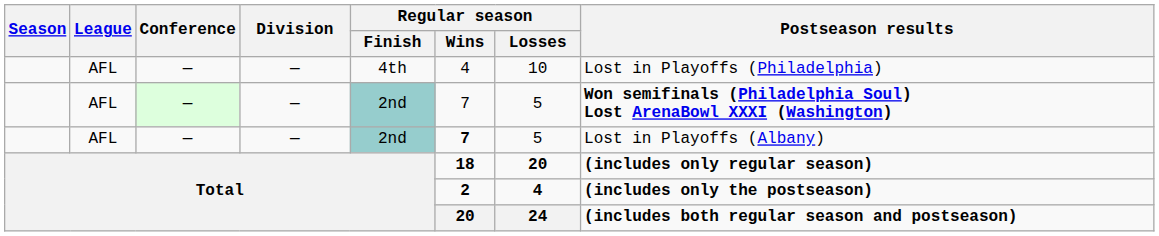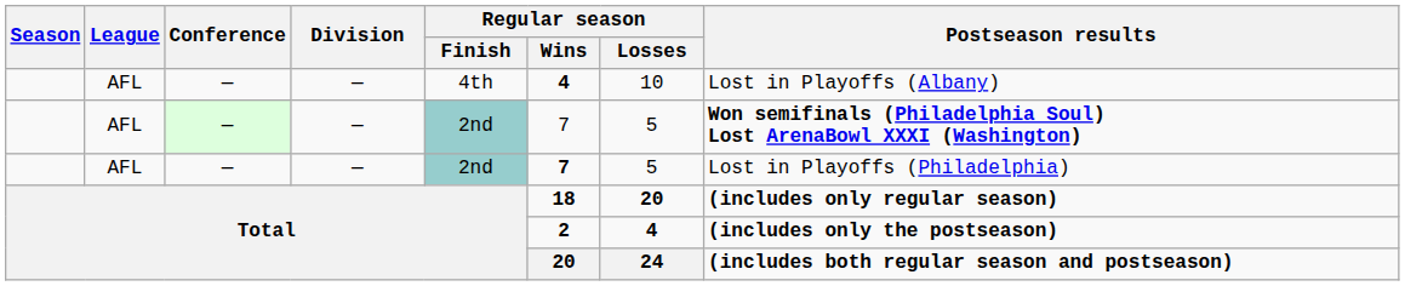 <table class="wikitable" style="font-size: 95%; width:70%;">
 <tr>
 <th rowspan="2" style="width:5%;"><a href='#'>Season</a></th>
 <th rowspan="2" style="width:5%;"><a href='#'>League</a></th>
 <th rowspan="2" style="width:5%;">Conference</th>
 <th rowspan="2">Division</th>
 <th colspan="3">Regular season</th>
 <th rowspan="2">Postseason results</th>
 </tr>
 <tr>
 <th>Finish</th>
 <th>Wins</th>
 <th>Losses</th>
 </tr>
 <tr>
 <td align="center"></td>
 <td align="center">AFL</td>
 <td align="center">—</td>
 <td align="center">—</td>
 <td align="center">4th</td>
-<td align="center">4</td>
+<td align="center"><strong>4</strong></td>
 <td align="center">10</td>
-<td>Lost in Playoffs (<a href='#'>Philadelphia</a>)</td>
+<td>Lost in Playoffs (<a href='#'>Albany</a>)</td>
 </tr>
 <tr>
 <td align="center"></td>
 <td align="center">AFL</td>
 <td align="center" bgcolor="#DDFFDD">—</td>
 <td align="center">—</td>
 <td align="center" bgcolor="#96CDCD">2nd</td>
 <td align="center">7</td>
 <td align="center">5</td>
 <td><strong>Won semifinals (<a href='#'>Philadelphia Soul</a>) <br> Lost <a href='#'>ArenaBowl XXXI</a> (<a href='#'>Washington</a>)</strong></td>
 </tr>
 <tr>
 <td align="center"></td>
 <td align="center">AFL</td>
 <td align="center">—</td>
 <td align="center">—</td>
 <td align="center" bgcolor="#96CDCD">2nd</td>
 <td align="center"><strong>7</strong></td>
 <td align="center">5</td>
-<td>Lost in Playoffs (<a href='#'>Albany</a>)</td>
+<td>Lost in Playoffs (<a href='#'>Philadelphia</a>)</td>
 </tr>
 <tr>
 <th align="center" rowSpan="3" colSpan="5">Total</th>
 <td align="center"><strong>18</strong></td>
 <td align="center"><strong>20</strong></td>
 <td colSpan="2"><strong>(includes only regular season)</strong></td>
 </tr>
 <tr>
 <td align="center"><strong>2</strong></td>
 <td align="center"><strong>4</strong></td>
 <td colSpan="2"><strong>(includes only the postseason)</strong></td>
 </tr>
 <tr>
 <th align="center">20</th>
 <th align="center">24</th>
 <td colSpan="2"><strong>(includes both regular season and postseason)</strong></td>
 </tr>
 </table>
